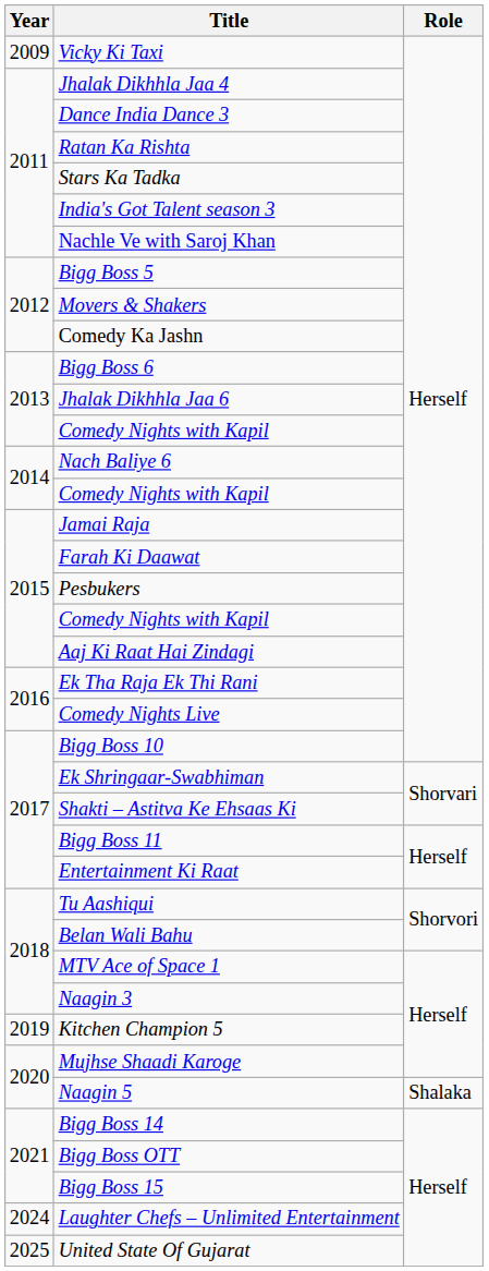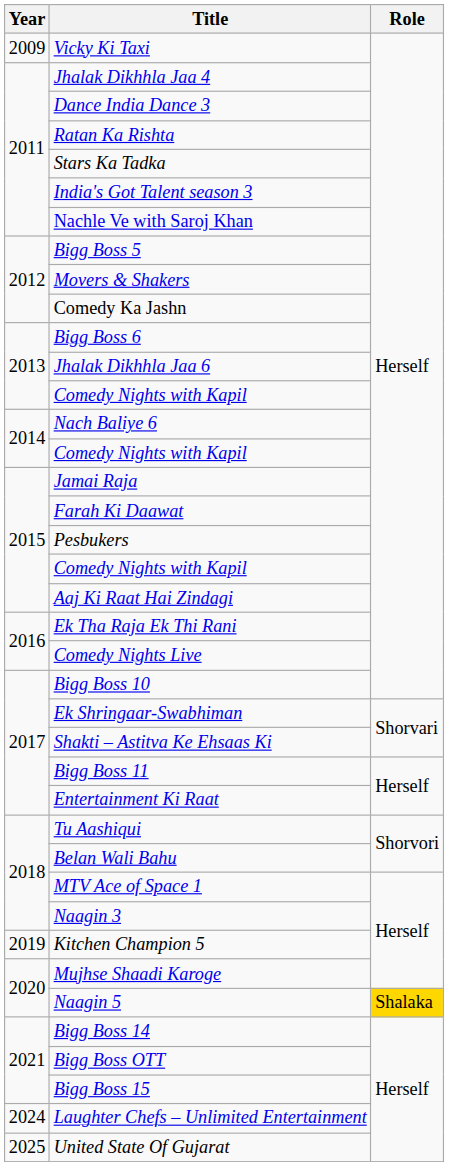 <table class="wikitable sortable" ;">
 <tr>
 <th>Year</th>
 <th>Title</th>
 <th>Role</th>
 </tr>
 <tr>
 <td>2009</td>
 <td><em><a href='#'>Vicky Ki Taxi</a></em></td>
 <td rowspan="23">Herself</td>
 </tr>
 <tr>
 <td rowspan="6">2011</td>
 <td><em><a href='#'>Jhalak Dikhhla Jaa 4</a></em></td>
 </tr>
 <tr>
 <td><em><a href='#'>Dance India Dance 3</a></em></td>
 </tr>
 <tr>
 <td><em><a href='#'>Ratan Ka Rishta</a></em></td>
 </tr>
 <tr>
 <td><em>Stars Ka Tadka</em></td>
 </tr>
 <tr>
 <td><em><a href='#'>India's Got Talent season 3</a></em></td>
 </tr>
 <tr>
 <td><a href='#'>Nachle Ve with Saroj Khan</a></td>
 </tr>
 <tr>
 <td rowspan="3">2012</td>
 <td><em><a href='#'>Bigg Boss 5</a></em></td>
 </tr>
 <tr>
 <td><em><a href='#'>Movers & Shakers</a></em></td>
 </tr>
 <tr>
 <td>Comedy Ka Jashn</td>
 </tr>
 <tr>
 <td rowspan="3">2013</td>
 <td><em><a href='#'>Bigg Boss 6</a></em></td>
 </tr>
 <tr>
 <td><em><a href='#'>Jhalak Dikhhla Jaa 6</a></em></td>
 </tr>
 <tr>
 <td><em><a href='#'>Comedy Nights with Kapil</a></em></td>
 </tr>
 <tr>
 <td rowspan="2">2014</td>
 <td><em><a href='#'>Nach Baliye 6</a></em></td>
 </tr>
 <tr>
 <td><em><a href='#'>Comedy Nights with Kapil</a></em></td>
 </tr>
 <tr>
 <td rowspan="5">2015</td>
 <td><em><a href='#'>Jamai Raja</a></em></td>
 </tr>
 <tr>
 <td><em><a href='#'>Farah Ki Daawat</a></em></td>
 </tr>
 <tr>
 <td><em>Pesbukers</em></td>
 </tr>
 <tr>
 <td><em><a href='#'>Comedy Nights with Kapil</a></em></td>
 </tr>
 <tr>
 <td><em><a href='#'>Aaj Ki Raat Hai Zindagi</a></em></td>
 </tr>
 <tr>
 <td rowspan="2">2016</td>
 <td><em><a href='#'>Ek Tha Raja Ek Thi Rani</a></em></td>
 </tr>
 <tr>
 <td><em><a href='#'>Comedy Nights Live</a></em></td>
 </tr>
 <tr>
 <td rowspan="5">2017</td>
 <td><em><a href='#'>Bigg Boss 10</a></em></td>
 </tr>
 <tr>
 <td><em><a href='#'>Ek Shringaar-Swabhiman</a></em></td>
 <td rowspan="2">Shorvari</td>
 </tr>
 <tr>
 <td><em><a href='#'>Shakti – Astitva Ke Ehsaas Ki</a></em></td>
 </tr>
 <tr>
 <td><em><a href='#'>Bigg Boss 11</a></em></td>
 <td rowspan="2">Herself</td>
 </tr>
 <tr>
 <td><em><a href='#'>Entertainment Ki Raat</a></em></td>
 </tr>
 <tr>
 <td rowspan="4">2018</td>
 <td><em><a href='#'>Tu Aashiqui</a></em></td>
 <td rowspan="2">Shorvori</td>
 </tr>
 <tr>
 <td><em><a href='#'>Belan Wali Bahu</a></em></td>
 </tr>
 <tr>
 <td><em><a href='#'>MTV Ace of Space 1</a></em></td>
 <td rowspan="4">Herself</td>
 </tr>
 <tr>
 <td><em><a href='#'>Naagin 3</a></em></td>
 </tr>
 <tr>
 <td>2019</td>
 <td><em>Kitchen Champion 5</em></td>
 </tr>
 <tr>
 <td rowspan="2">2020</td>
 <td><em><a href='#'>Mujhse Shaadi Karoge</a></em></td>
 </tr>
 <tr>
 <td><em><a href='#'>Naagin 5</a></em></td>
-<td>Shalaka</td>
+<td style="background: gold;">Shalaka</td>
 </tr>
 <tr>
 <td rowspan="3">2021</td>
 <td><em><a href='#'>Bigg Boss 14</a></em></td>
 <td rowspan="5">Herself</td>
 </tr>
 <tr>
 <td><em><a href='#'>Bigg Boss OTT</a></em></td>
 </tr>
 <tr>
 <td><em><a href='#'>Bigg Boss 15</a></em></td>
 </tr>
 <tr>
 <td>2024</td>
 <td><em><a href='#'>Laughter Chefs – Unlimited Entertainment</a></em></td>
 </tr>
 <tr>
 <td>2025</td>
 <td><em>United State Of Gujarat</em></td>
 </tr>
 </table>
